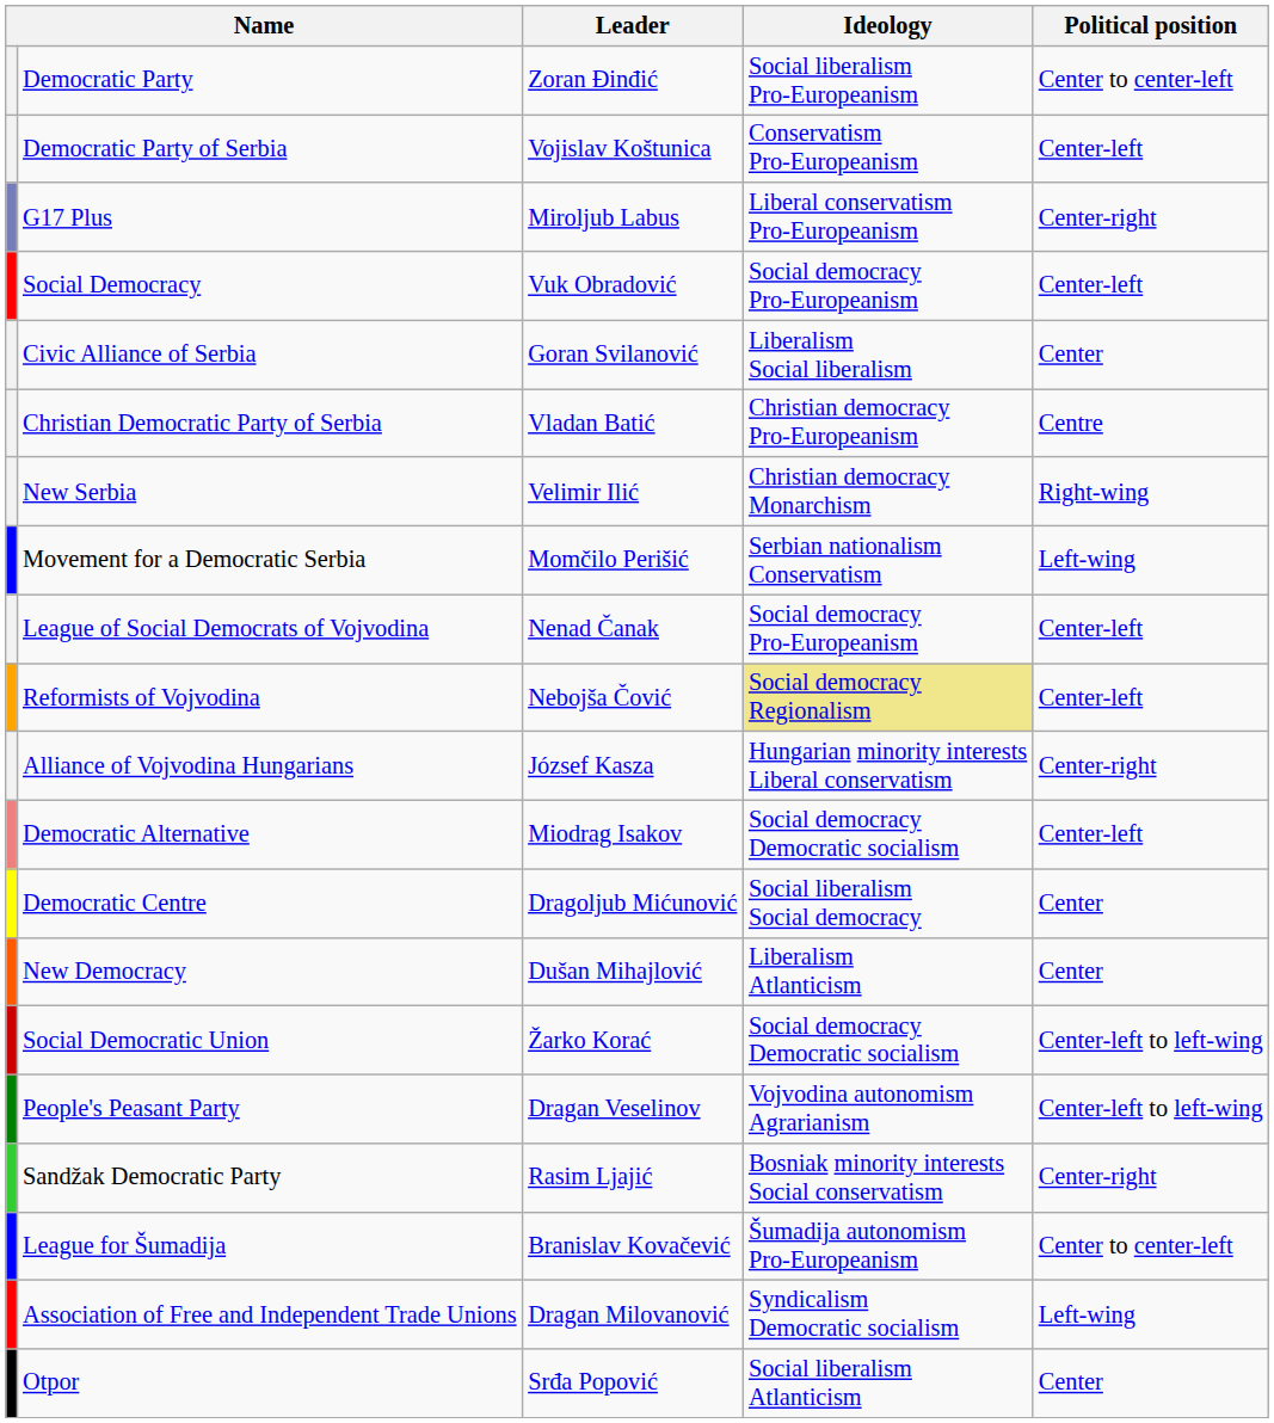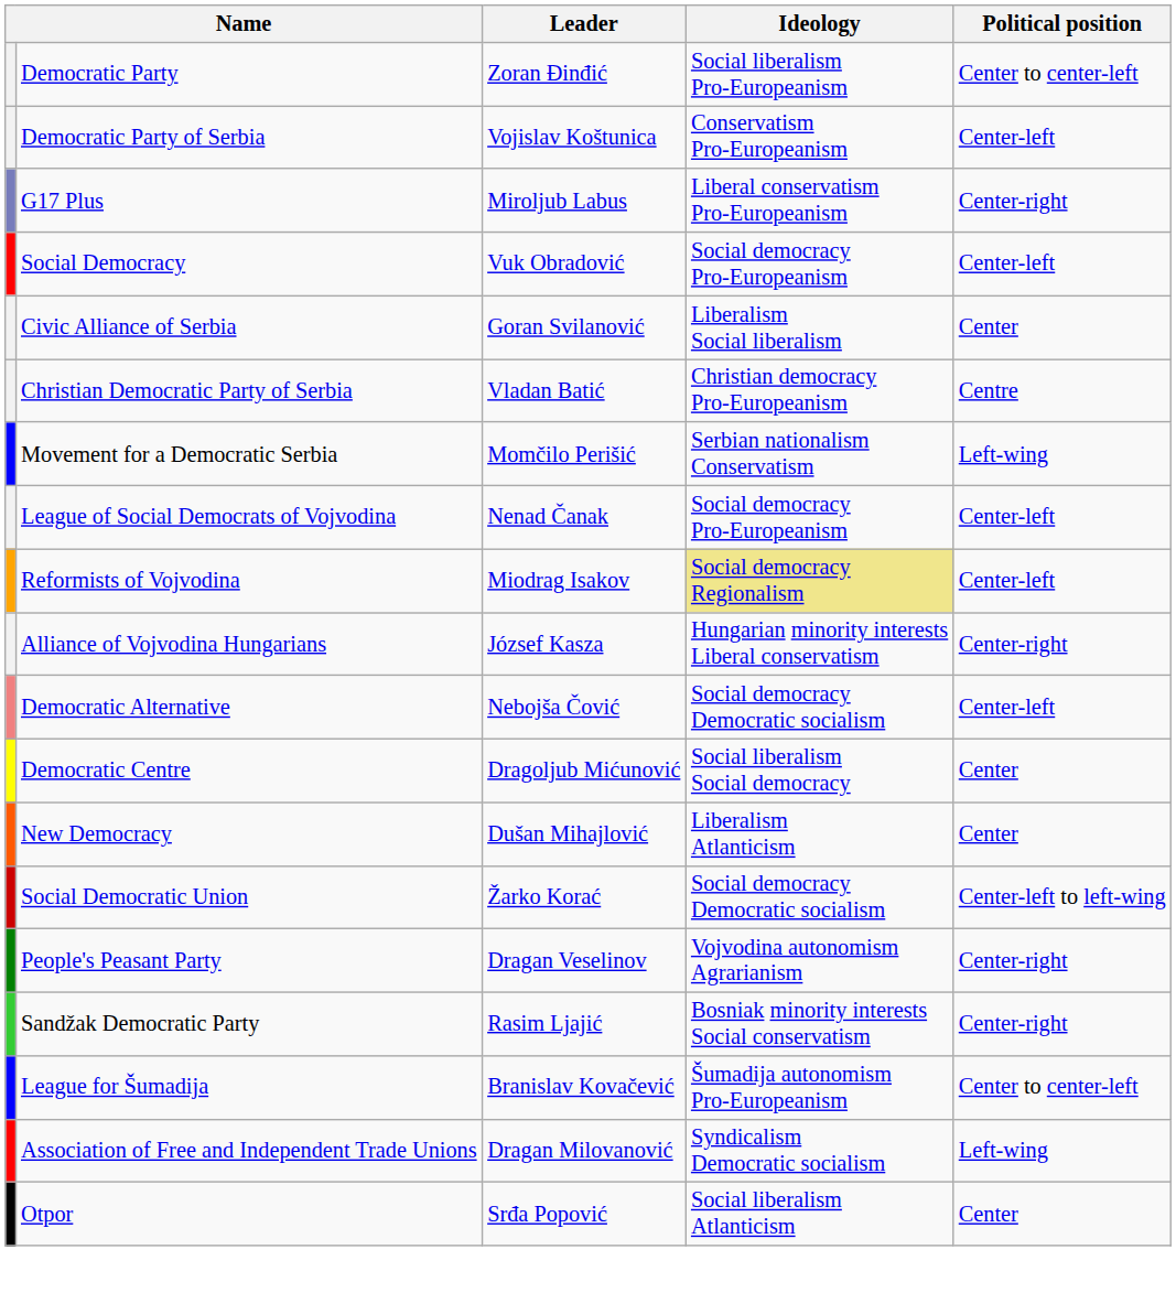 <table class="wikitable" style="text-align; font-size:90%;">
 <tr>
 <th colspan=2>Name</th>
 <th>Leader</th>
 <th>Ideology</th>
 <th>Political position</th>
 </tr>
 <tr>
 <th style="background-color:"></th>
 <td><a href='#'>Democratic Party</a><br></td>
 <td><a href='#'>Zoran Đinđić</a></td>
 <td><a href='#'>Social liberalism</a><br><a href='#'>Pro-Europeanism</a></td>
 <td><a href='#'>Center</a> to <a href='#'>center-left</a></td>
 </tr>
 <tr>
 <th style="background-color:"></th>
 <td><a href='#'>Democratic Party of Serbia</a><br></td>
 <td><a href='#'>Vojislav Koštunica</a></td>
 <td><a href='#'>Conservatism</a><br><a href='#'>Pro-Europeanism</a></td>
 <td><a href='#'>Center-left</a></td>
 </tr>
 <tr>
 <th style="background-color:#777cbb; color:white;"></th>
 <td><a href='#'>G17 Plus</a><br></td>
 <td><a href='#'>Miroljub Labus</a></td>
 <td><a href='#'>Liberal conservatism</a><br><a href='#'>Pro-Europeanism</a></td>
 <td><a href='#'>Center-right</a></td>
 </tr>
 <tr>
 <th style="background-color:red; color:white;"></th>
 <td><a href='#'>Social Democracy</a><br></td>
 <td><a href='#'>Vuk Obradović</a></td>
 <td><a href='#'>Social democracy</a><br><a href='#'>Pro-Europeanism</a></td>
 <td><a href='#'>Center-left</a></td>
 </tr>
 <tr>
 <th style="background-color:"></th>
 <td><a href='#'>Civic Alliance of Serbia</a><br></td>
 <td><a href='#'>Goran Svilanović</a></td>
 <td><a href='#'>Liberalism</a><br><a href='#'>Social liberalism</a></td>
 <td><a href='#'>Center</a></td>
 </tr>
 <tr>
 <th style="background-color:"></th>
 <td><a href='#'>Christian Democratic Party of Serbia</a><br></td>
 <td><a href='#'>Vladan Batić</a></td>
 <td><a href='#'>Christian democracy</a><br><a href='#'>Pro-Europeanism</a></td>
 <td><a href='#'>Centre</a></td>
 </tr>
 <tr>
-<th style="background-color:"></th>
-<td><a href='#'>New Serbia</a><br></td>
-<td><a href='#'>Velimir Ilić</a></td>
-<td><a href='#'>Christian democracy</a><br><a href='#'>Monarchism</a></td>
-<td><a href='#'>Right-wing</a></td>
-</tr>
-<tr>
 <th style="background-color:blue; color:white;"></th>
 <td>Movement for a Democratic Serbia<br></td>
 <td><a href='#'>Momčilo Perišić</a></td>
 <td><a href='#'>Serbian nationalism</a><br><a href='#'>Conservatism</a></td>
 <td><a href='#'>Left-wing</a></td>
 </tr>
 <tr>
 <th style="background-color:"></th>
 <td><a href='#'>League of Social Democrats of Vojvodina</a><br></td>
 <td><a href='#'>Nenad Čanak</a></td>
 <td><a href='#'>Social democracy</a><br><a href='#'>Pro-Europeanism</a></td>
 <td><a href='#'>Center-left</a></td>
 </tr>
 <tr>
 <th style="background-color:orange; color:white;"></th>
 <td><a href='#'>Reformists of Vojvodina</a><br></td>
-<td><a href='#'>Nebojša Čović</a></td>
+<td><a href='#'>Miodrag Isakov</a></td>
 <td style="background: khaki;"><a href='#'>Social democracy</a><br><a href='#'>Regionalism</a></td>
 <td><a href='#'>Center-left</a></td>
 </tr>
 <tr>
 <th style="background-color:"></th>
 <td><a href='#'>Alliance of Vojvodina Hungarians</a><br></td>
 <td><a href='#'>József Kasza</a></td>
 <td><a href='#'>Hungarian</a> <a href='#'>minority interests</a><br><a href='#'>Liberal conservatism</a></td>
 <td><a href='#'>Center-right</a></td>
 </tr>
 <tr>
 <th style="background-color:lightcoral; color:white;"></th>
 <td><a href='#'>Democratic Alternative</a><br></td>
-<td><a href='#'>Miodrag Isakov</a></td>
+<td><a href='#'>Nebojša Čović</a></td>
 <td><a href='#'>Social democracy</a><br><a href='#'>Democratic socialism</a></td>
 <td><a href='#'>Center-left</a></td>
 </tr>
 <tr>
 <th style="background-color:#ffff00; color:white;"></th>
 <td><a href='#'>Democratic Centre</a><br></td>
 <td><a href='#'>Dragoljub Mićunović</a></td>
 <td><a href='#'>Social liberalism</a><br><a href='#'>Social democracy</a></td>
 <td><a href='#'>Center</a></td>
 </tr>
 <tr>
 <th style="background-color:#FF5900; color:white;"></th>
 <td><a href='#'>New Democracy</a><br></td>
 <td><a href='#'>Dušan Mihajlović</a></td>
 <td><a href='#'>Liberalism</a><br><a href='#'>Atlanticism</a></td>
 <td><a href='#'>Center</a></td>
 </tr>
 <tr>
 <th style="background-color:#cc0000; color:white;"></th>
 <td><a href='#'>Social Democratic Union</a><br></td>
 <td><a href='#'>Žarko Korać</a></td>
 <td><a href='#'>Social democracy</a><br><a href='#'>Democratic socialism</a></td>
 <td><a href='#'>Center-left</a> to <a href='#'>left-wing</a></td>
 </tr>
 <tr>
 <th style="background-color:green; color:white;"></th>
 <td><a href='#'>People's Peasant Party</a><br></td>
 <td><a href='#'>Dragan Veselinov</a></td>
 <td><a href='#'>Vojvodina autonomism</a><br><a href='#'>Agrarianism</a></td>
-<td><a href='#'>Center-left</a> to <a href='#'>left-wing</a></td>
+<td><a href='#'>Center-right</a></td>
 </tr>
 <tr>
 <th style="background-color:#33cc33; color:white;"></th>
 <td>Sandžak Democratic Party<br></td>
 <td><a href='#'>Rasim Ljajić</a></td>
 <td><a href='#'>Bosniak</a> <a href='#'>minority interests</a><br><a href='#'>Social conservatism</a></td>
 <td><a href='#'>Center-right</a></td>
 </tr>
 <tr>
 <th style="background-color:blue; color:white;"></th>
 <td><a href='#'>League for Šumadija</a><br></td>
 <td><a href='#'>Branislav Kovačević</a></td>
 <td><a href='#'>Šumadija autonomism</a><br><a href='#'>Pro-Europeanism</a></td>
 <td><a href='#'>Center</a> to <a href='#'>center-left</a></td>
 </tr>
 <tr>
 <th style="background-color:red; color:white;"></th>
 <td><a href='#'>Association of Free and Independent Trade Unions</a><br></td>
 <td><a href='#'>Dragan Milovanović</a></td>
 <td><a href='#'>Syndicalism</a><br><a href='#'>Democratic socialism</a></td>
 <td><a href='#'>Left-wing</a></td>
 </tr>
 <tr>
 <th style="background-color:black; color:white;"></th>
 <td><a href='#'>Otpor</a><br></td>
 <td><a href='#'>Srđa Popović</a></td>
 <td><a href='#'>Social liberalism</a><br><a href='#'>Atlanticism</a></td>
 <td><a href='#'>Center</a></td>
 </tr>
 </table>
